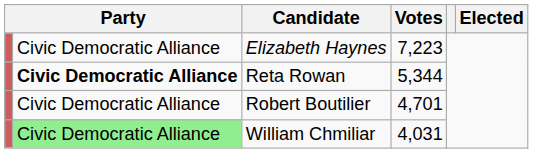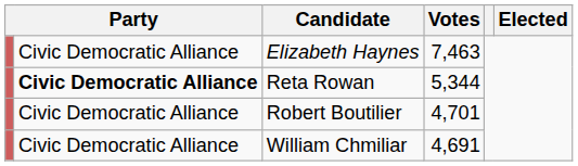 <table class="wikitable">
 <tr>
 <th colspan="2">Party</th>
 <th>Candidate</th>
 <th>Votes</th>
 <th></th>
 <th>Elected<br>   </th>
 </tr>
 <tr>
 <td bgcolor="indianred"></td>
 <td>Civic Democratic Alliance</td>
 <td><em>Elizabeth Haynes</em></td>
-<td align="right">7,223</td>
+<td align="right">7,463</td>
 </tr>
 <tr>
 <td bgcolor="indianred"></td>
 <td><strong>Civic Democratic Alliance</strong></td>
 <td>Reta Rowan</td>
 <td align="right">5,344</td>
 </tr>
 <tr>
 <td bgcolor="indianred"></td>
 <td>Civic Democratic Alliance</td>
 <td>Robert Boutilier</td>
 <td align="right">4,701</td>
 </tr>
 <tr>
 <td bgcolor="indianred"></td>
-<td style="background: lightgreen;">Civic Democratic Alliance</td>
+<td>Civic Democratic Alliance</td>
 <td>William Chmiliar</td>
-<td align="right">4,031<br></td>
+<td align="right">4,691<br></td>
 </tr>
 </table>
